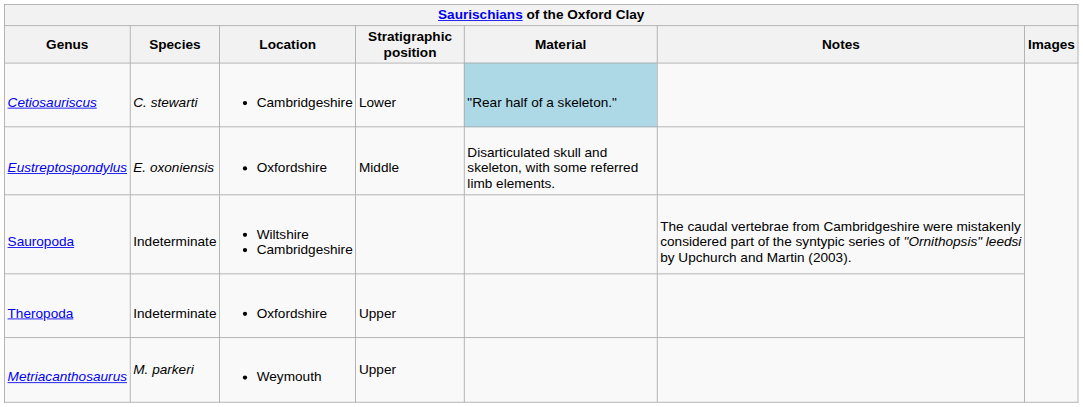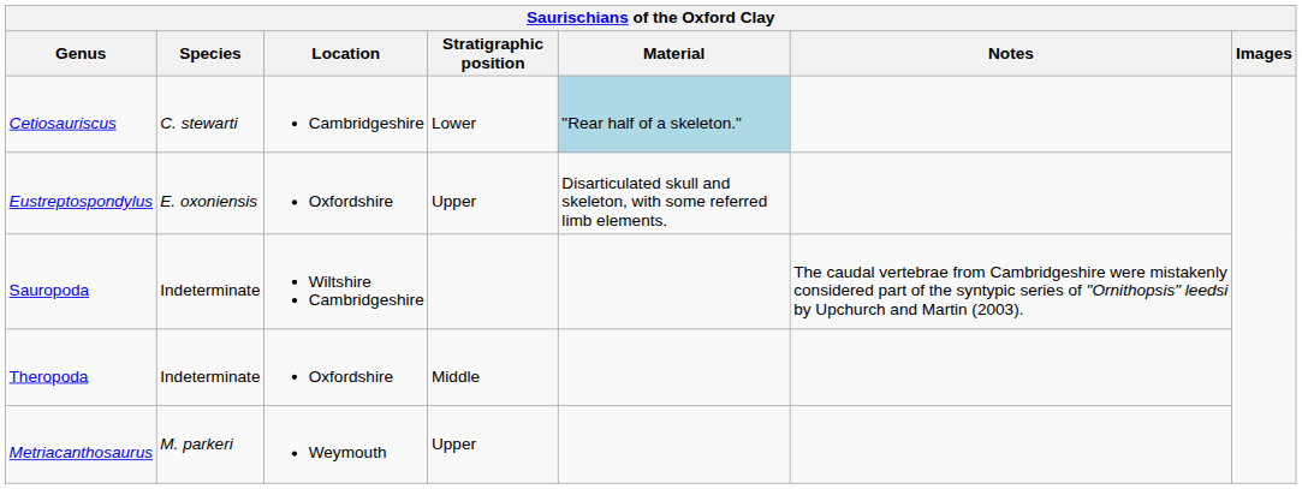 <table class="wikitable"  style="margin:auto; width:100%;">
 <tr>
 <th colspan="7" style="text-align:center;"><strong><a href='#'>Saurischians</a> of the Oxford Clay</strong></th>
 </tr>
 <tr>
 <th>Genus</th>
 <th>Species</th>
 <th>Location</th>
 <th>Stratigraphic position</th>
 <th>Material</th>
 <th>Notes</th>
 <th>Images</th>
 </tr>
 <tr>
 <td><br><em><a href='#'>Cetiosauriscus</a></em></td>
 <td><br><em>C. stewarti</em></td>
 <td><br><ul><li>Cambridgeshire</li></ul></td>
 <td><br>Lower</td>
 <td style="background: lightblue;"><br>"Rear half of a skeleton."</td>
 <td></td>
 <td rowspan="99"><br>  </td>
 </tr>
 <tr>
 <td><br><em><a href='#'>Eustreptospondylus</a></em></td>
 <td><br><em>E. oxoniensis</em></td>
 <td><br><ul><li>Oxfordshire</li></ul></td>
-<td><br>Middle</td>
+<td><br>Upper</td>
 <td><br>Disarticulated skull and skeleton, with some referred limb elements.</td>
 <td></td>
 </tr>
 <tr>
 <td><br><a href='#'>Sauropoda</a></td>
 <td><br>Indeterminate</td>
 <td><br><ul><li>Wiltshire</li><li>Cambridgeshire</li></ul></td>
 <td></td>
 <td></td>
 <td><br>The caudal vertebrae from Cambridgeshire were mistakenly considered part of the syntypic series of <em>"Ornithopsis" leedsi</em> by Upchurch and Martin (2003).</td>
 </tr>
 <tr>
 <td><br><a href='#'>Theropoda</a></td>
 <td><br>Indeterminate</td>
 <td><br><ul><li>Oxfordshire</li></ul></td>
-<td><br>Upper</td>
+<td><br>Middle</td>
 <td></td>
 <td></td>
 </tr>
 <tr>
 <td><br><em><a href='#'>Metriacanthosaurus</a></em></td>
 <td><em>M. parkeri</em></td>
 <td><br><ul><li>Weymouth</li></ul></td>
 <td>Upper</td>
 <td></td>
 <td></td>
 </tr>
 </table>
